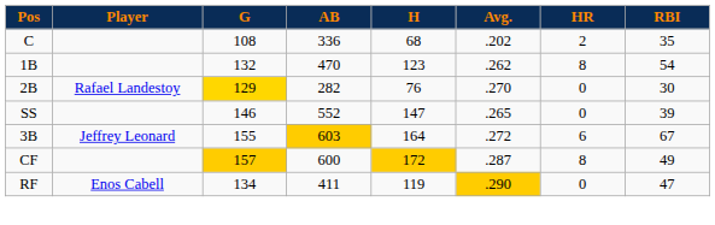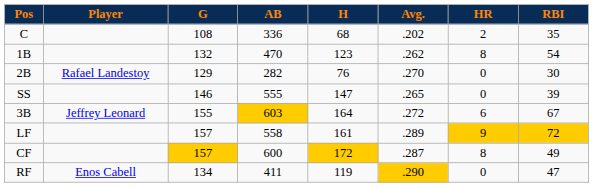 <table class="wikitable sortable">
 <tr>
 <th style="background:#092c57;color:#FF8800;" width="5%">Pos</th>
 <th style="background:#092c57;color:#FF8800;" width="16%">Player</th>
 <th style="background:#092c57;color:#FF8800;" width="9%">G</th>
 <th style="background:#092c57;color:#FF8800;" width="9%">AB</th>
 <th style="background:#092c57;color:#FF8800;" width="9%">H</th>
 <th style="background:#092c57;color:#FF8800;" width="9%">Avg.</th>
 <th style="background:#092c57;color:#FF8800;" width="9%">HR</th>
 <th style="background:#092c57;color:#FF8800;" width="9%">RBI</th>
 </tr>
 <tr align="center">
 <td>C</td>
 <td></td>
 <td>108</td>
 <td>336</td>
 <td>68</td>
 <td>.202</td>
 <td>2</td>
 <td>35</td>
 </tr>
 <tr align="center">
 <td>1B</td>
 <td></td>
 <td>132</td>
 <td>470</td>
 <td>123</td>
 <td>.262</td>
 <td>8</td>
 <td>54</td>
 </tr>
 <tr align="center">
 <td>2B</td>
 <td><a href='#'>Rafael Landestoy</a></td>
-<td style="background: gold;">129</td>
+<td>129</td>
 <td>282</td>
 <td>76</td>
 <td>.270</td>
 <td>0</td>
 <td>30</td>
 </tr>
 <tr align="center">
 <td>SS</td>
 <td></td>
 <td>146</td>
-<td>552</td>
+<td>555</td>
 <td>147</td>
 <td>.265</td>
 <td>0</td>
 <td>39</td>
 </tr>
 <tr align="center">
 <td>3B</td>
 <td><a href='#'>Jeffrey Leonard</a></td>
 <td>155</td>
 <td style="background:#fc0;">603</td>
 <td>164</td>
 <td>.272</td>
 <td>6</td>
 <td>67</td>
+</tr>
+<tr align="center">
+<td>LF</td>
+<td></td>
+<td>157</td>
+<td>558</td>
+<td>161</td>
+<td>.289</td>
+<td style="background:#fc0;">9</td>
+<td style="background:#fc0;">72</td>
 </tr>
 <tr align="center">
 <td>CF</td>
 <td></td>
 <td style="background:#fc0;">157</td>
 <td>600</td>
 <td style="background:#fc0;">172</td>
 <td>.287</td>
 <td>8</td>
 <td>49</td>
 </tr>
 <tr align="center">
 <td>RF</td>
 <td><a href='#'>Enos Cabell</a></td>
 <td>134</td>
 <td>411</td>
 <td>119</td>
 <td style="background:#fc0;">.290</td>
 <td>0</td>
 <td>47</td>
 </tr>
 </table>
